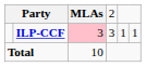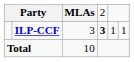 <table class="wikitable" style="text-align:right;">
 <tr>
 <th colspan="2">Party</th>
 <th>MLAs<br></th>
 <td>2</td>
 </tr>
 <tr>
 <td> </td>
 <td style="text-align:left;"><strong><a href='#'>ILP-CCF</a></strong></td>
-<td style="background: pink;">3<br></td>
 <td>3<br></td>
+<td><strong>3<br></strong></td>
 <td>1<br></td>
 <td>1</td>
 </tr>
 <tr>
 <td colspan="2" style="text-align:left;"><strong>Total</strong></td>
 <td>10</td>
 </tr>
 </table>
